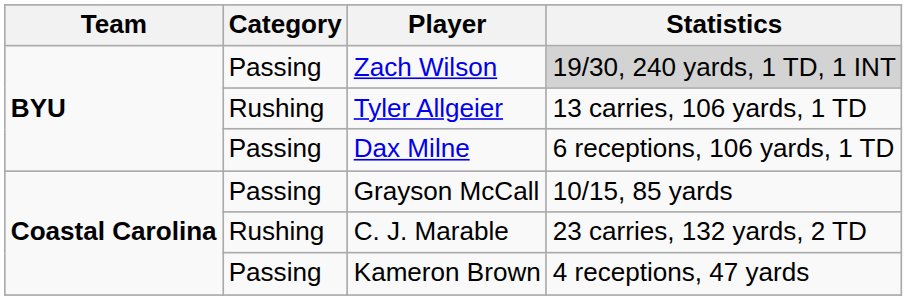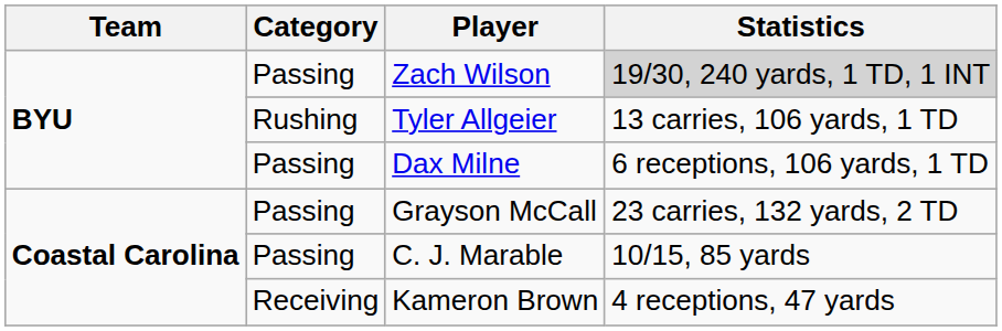 <table class="wikitable" style="float: left;">
 <tr>
 <th>Team</th>
 <th>Category</th>
 <th>Player</th>
 <th>Statistics</th>
 </tr>
 <tr>
 <td rowspan=3><strong>BYU</strong></td>
 <td>Passing</td>
 <td><a href='#'>Zach Wilson</a></td>
 <td style="background: lightgrey;">19/30, 240 yards, 1 TD, 1 INT</td>
 </tr>
 <tr>
 <td>Rushing</td>
 <td><a href='#'>Tyler Allgeier</a></td>
 <td>13 carries, 106 yards, 1 TD</td>
 </tr>
 <tr>
 <td>Passing</td>
 <td><a href='#'>Dax Milne</a></td>
 <td>6 receptions, 106 yards, 1 TD</td>
 </tr>
 <tr>
 <td rowspan=3><strong>Coastal Carolina</strong></td>
 <td>Passing</td>
 <td>Grayson McCall</td>
-<td>10/15, 85 yards</td>
-</tr>
-<tr>
-<td>Rushing</td>
-<td>C. J. Marable</td>
 <td>23 carries, 132 yards, 2 TD</td>
 </tr>
 <tr>
 <td>Passing</td>
+<td>C. J. Marable</td>
+<td>10/15, 85 yards</td>
+</tr>
+<tr>
+<td>Receiving</td>
 <td>Kameron Brown</td>
 <td>4 receptions, 47 yards</td>
 </tr>
 </table>
